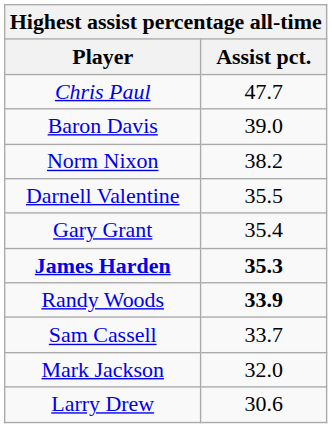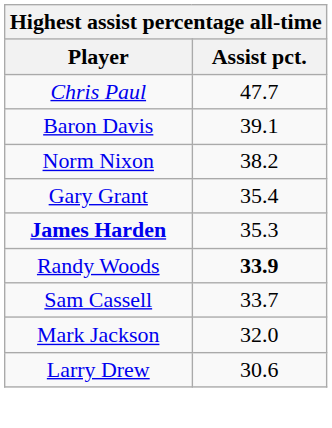 <table class="wikitable sortable" style="text-align:center">
 <tr>
 <th colspan="2">Highest assist percentage all-time</th>
 </tr>
 <tr>
 <th>Player</th>
 <th>Assist pct.</th>
 </tr>
 <tr>
 <td><em><a href='#'>Chris Paul</a></em></td>
 <td>47.7</td>
 </tr>
 <tr>
 <td><a href='#'>Baron Davis</a></td>
-<td>39.0</td>
+<td>39.1</td>
 </tr>
 <tr>
 <td><a href='#'>Norm Nixon</a></td>
 <td>38.2</td>
-</tr>
-<tr>
-<td><a href='#'>Darnell Valentine</a></td>
-<td>35.5</td>
 </tr>
 <tr>
 <td><a href='#'>Gary Grant</a></td>
 <td>35.4</td>
 </tr>
 <tr>
 <td><strong><a href='#'>James Harden</a></strong></td>
-<td><strong>35.3</strong></td>
+<td>35.3</td>
 </tr>
 <tr>
 <td><a href='#'>Randy Woods</a></td>
 <td><strong>33.9</strong></td>
 </tr>
 <tr>
 <td><a href='#'>Sam Cassell</a></td>
 <td>33.7</td>
 </tr>
 <tr>
 <td><a href='#'>Mark Jackson</a></td>
 <td>32.0</td>
 </tr>
 <tr>
 <td><a href='#'>Larry Drew</a></td>
 <td>30.6</td>
 </tr>
 </table>
